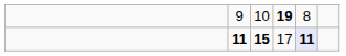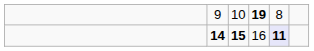 <table class="wikitable">
 <tr>
 <td style="width:15em"></td>
 <td align=center style="width:1em">9</td>
 <td align=center style="width:1em">10</td>
 <td align=center style="width:1em"><strong>19</strong></td>
 <td align=center style="width:1em">8</td>
 <td align=center style="width:1em"></td>
 </tr>
 <tr>
 <td style="width:15em"></td>
-<td align=center style="width:1em"><strong>11</strong></td>
+<td align=center style="width:1em"><strong>14</strong></td>
 <td align=center style="width:1em"><strong>15</strong></td>
-<td align=center style="width:1em">17</td>
+<td align=center style="width:1em">16</td>
 <td align=center style="background: lavender; width:1em"><strong>11</strong></td>
 <td align=center style="width:1em"></td>
 </tr>
 </table>
